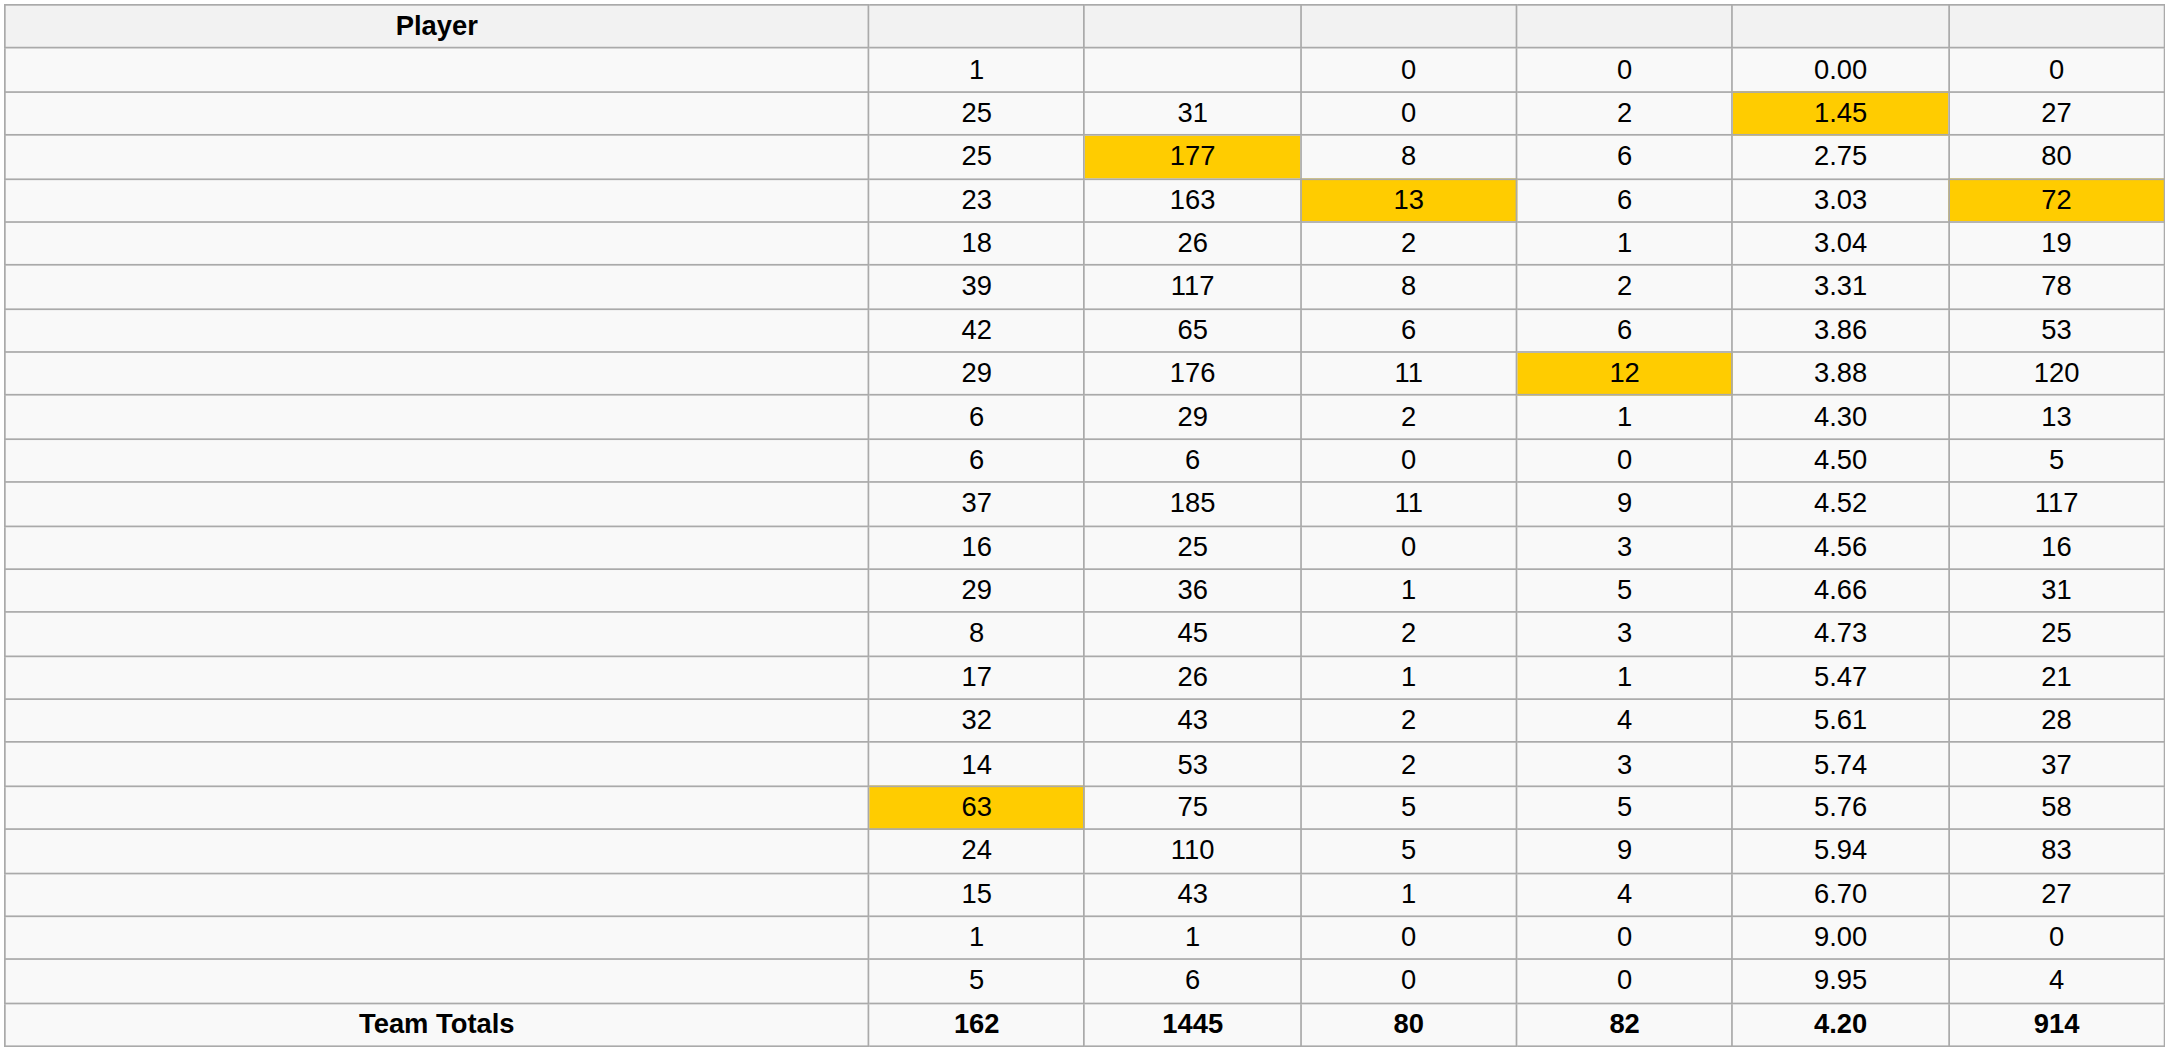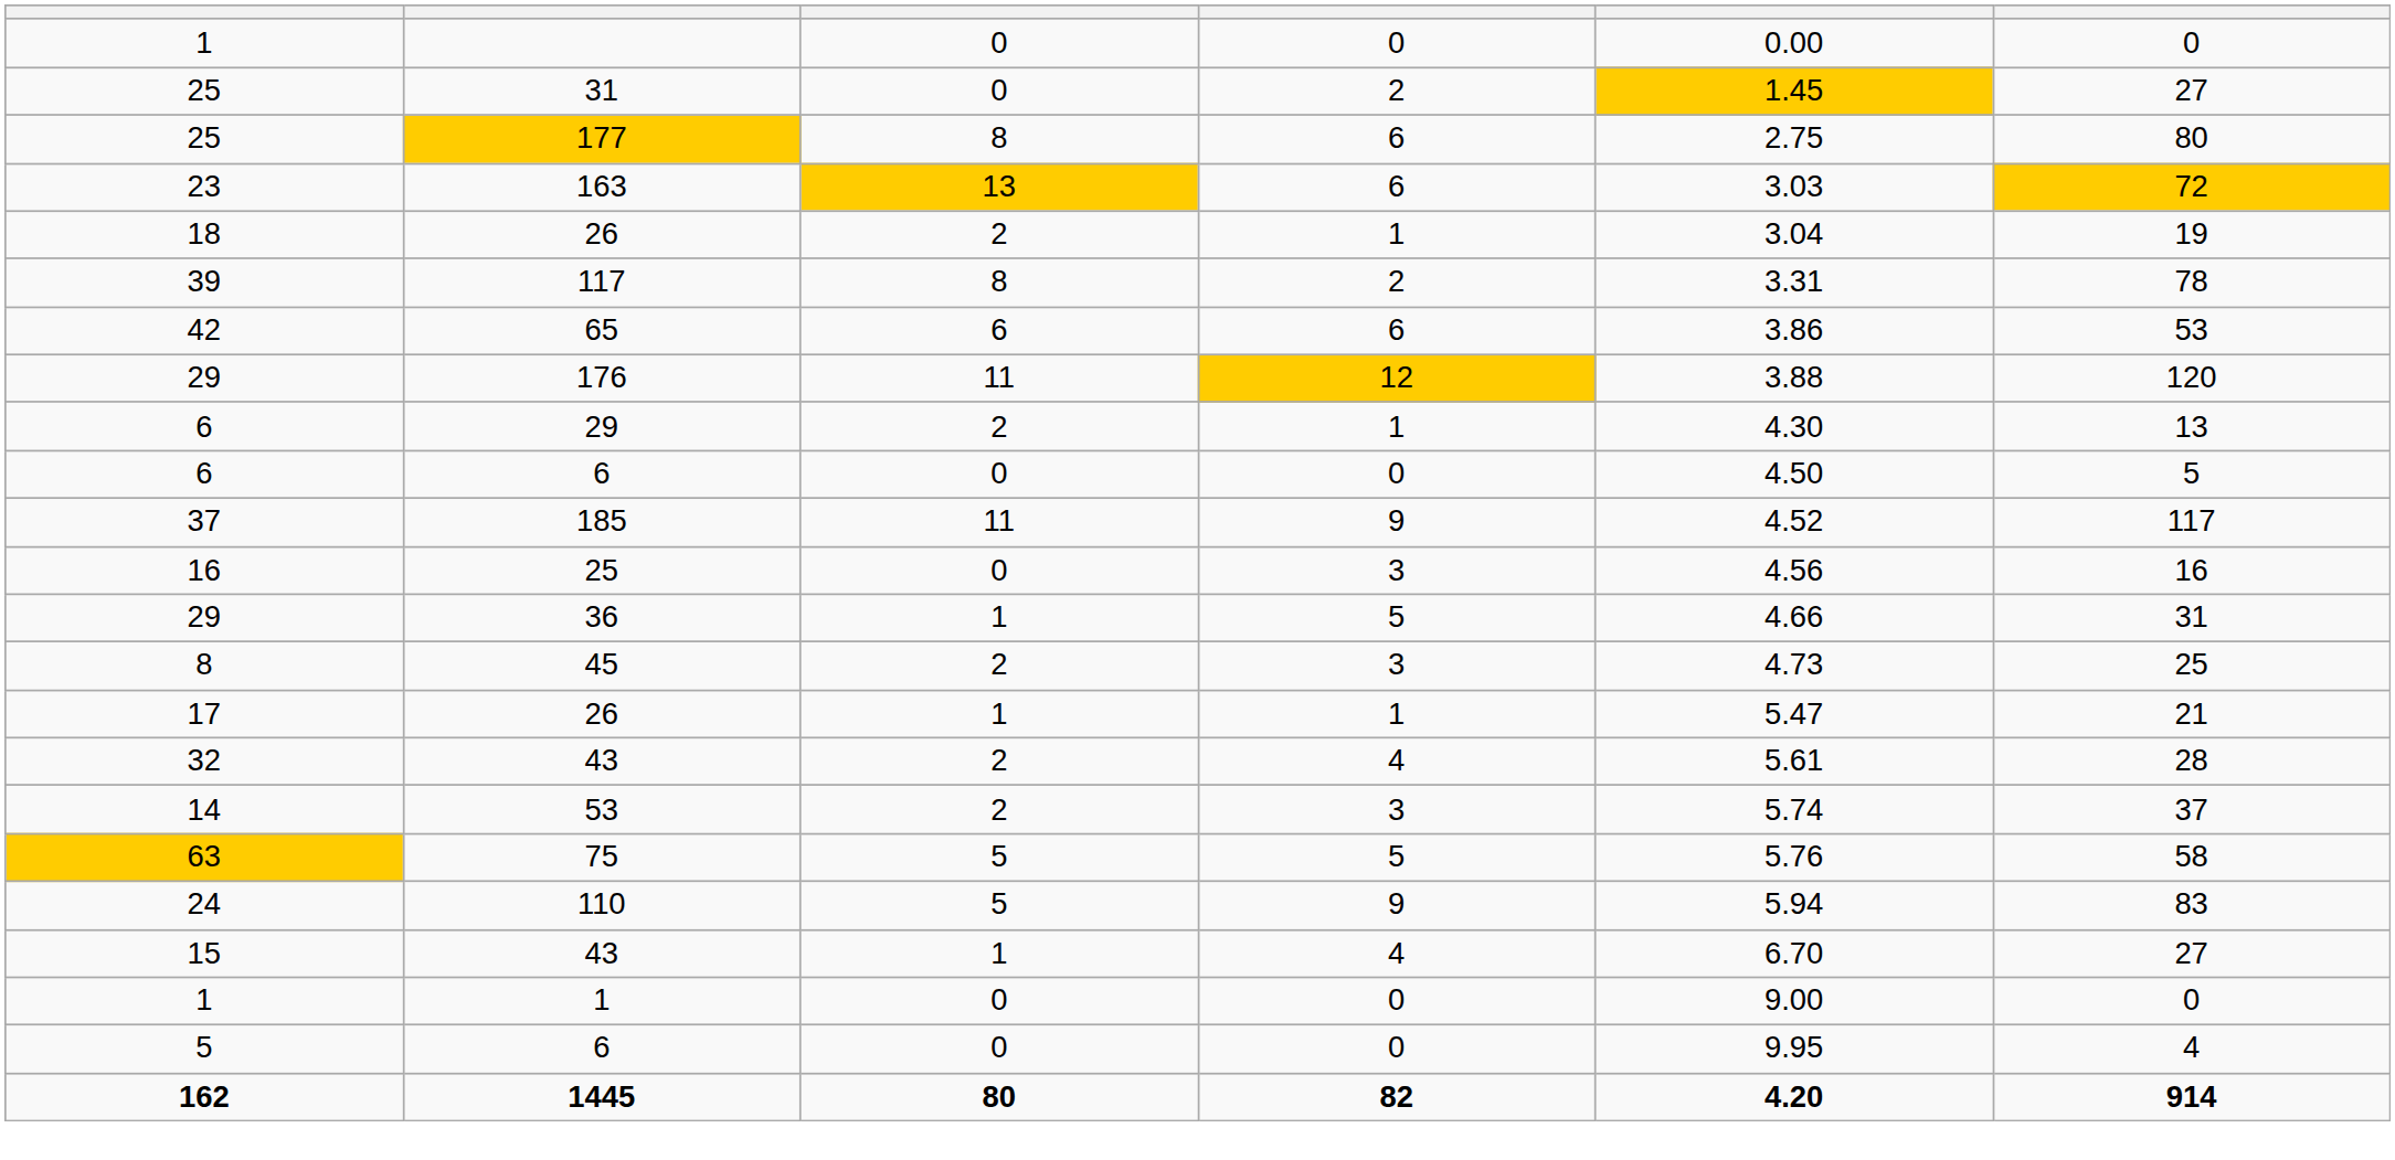 <table class="wikitable sortable" style="text-align:center;" width="100%">
 <tr>
-<th width="40%">Player</th>
 <th width="10%"></th>
 <th width="10%" data-sort-type="number"></th>
 <th width="10%"></th>
 <th width="10%"></th>
 <th width="10%"></th>
 <th width="10%"></th>
 </tr>
 <tr>
-<td></td>
 <td>1</td>
 <td></td>
 <td>0</td>
 <td>0</td>
 <td>0.00</td>
 <td>0</td>
 </tr>
 <tr>
-<td></td>
 <td>25</td>
 <td>31</td>
 <td>0</td>
 <td>2</td>
 <td style="background:#fc0;">1.45</td>
 <td>27</td>
 </tr>
 <tr>
-<td></td>
 <td>25</td>
 <td style="background:#fc0;">177</td>
 <td>8</td>
 <td>6</td>
 <td>2.75</td>
 <td>80</td>
 </tr>
 <tr>
-<td></td>
 <td>23</td>
 <td>163</td>
 <td style="background:#fc0;">13</td>
 <td>6</td>
 <td>3.03</td>
 <td style="background:#fc0;">72</td>
 </tr>
 <tr>
-<td></td>
 <td>18</td>
 <td>26</td>
 <td>2</td>
 <td>1</td>
 <td>3.04</td>
 <td>19</td>
 </tr>
 <tr>
-<td></td>
 <td>39</td>
 <td>117</td>
 <td>8</td>
 <td>2</td>
 <td>3.31</td>
 <td>78</td>
 </tr>
 <tr>
-<td></td>
 <td>42</td>
 <td>65</td>
 <td>6</td>
 <td>6</td>
 <td>3.86</td>
 <td>53</td>
 </tr>
 <tr>
-<td></td>
 <td>29</td>
 <td>176</td>
 <td>11</td>
 <td style="background:#fc0;">12</td>
 <td>3.88</td>
 <td>120</td>
 </tr>
 <tr>
-<td></td>
 <td>6</td>
 <td>29</td>
 <td>2</td>
 <td>1</td>
 <td>4.30</td>
 <td>13</td>
 </tr>
 <tr>
-<td></td>
 <td>6</td>
 <td>6</td>
 <td>0</td>
 <td>0</td>
 <td>4.50</td>
 <td>5</td>
 </tr>
 <tr>
-<td></td>
 <td>37</td>
 <td>185</td>
 <td>11</td>
 <td>9</td>
 <td>4.52</td>
 <td>117</td>
 </tr>
 <tr>
-<td></td>
 <td>16</td>
 <td>25</td>
 <td>0</td>
 <td>3</td>
 <td>4.56</td>
 <td>16</td>
 </tr>
 <tr>
-<td></td>
 <td>29</td>
 <td>36</td>
 <td>1</td>
 <td>5</td>
 <td>4.66</td>
 <td>31</td>
 </tr>
 <tr>
-<td></td>
 <td>8</td>
 <td>45</td>
 <td>2</td>
 <td>3</td>
 <td>4.73</td>
 <td>25</td>
 </tr>
 <tr>
-<td></td>
 <td>17</td>
 <td>26</td>
 <td>1</td>
 <td>1</td>
 <td>5.47</td>
 <td>21</td>
 </tr>
 <tr>
-<td></td>
 <td>32</td>
 <td>43</td>
 <td>2</td>
 <td>4</td>
 <td>5.61</td>
 <td>28</td>
 </tr>
 <tr>
-<td></td>
 <td>14</td>
 <td>53</td>
 <td>2</td>
 <td>3</td>
 <td>5.74</td>
 <td>37</td>
 </tr>
 <tr>
-<td></td>
 <td style="background:#fc0;">63</td>
 <td>75</td>
 <td>5</td>
 <td>5</td>
 <td>5.76</td>
 <td>58</td>
 </tr>
 <tr>
-<td></td>
 <td>24</td>
 <td>110</td>
 <td>5</td>
 <td>9</td>
 <td>5.94</td>
 <td>83</td>
 </tr>
 <tr>
-<td></td>
 <td>15</td>
 <td>43</td>
 <td>1</td>
 <td>4</td>
 <td>6.70</td>
 <td>27</td>
 </tr>
 <tr>
-<td></td>
 <td>1</td>
 <td>1</td>
 <td>0</td>
 <td>0</td>
 <td>9.00</td>
 <td>0</td>
 </tr>
 <tr>
-<td></td>
 <td>5</td>
 <td>6</td>
 <td>0</td>
 <td>0</td>
 <td>9.95</td>
 <td>4</td>
 </tr>
 <tr>
-<td><strong>Team Totals</strong></td>
 <td><strong>162</strong></td>
 <td><strong>1445</strong></td>
 <td><strong>80</strong></td>
 <td><strong>82</strong></td>
 <td><strong>4.20</strong></td>
 <td><strong>914</strong></td>
 </tr>
 </table>
